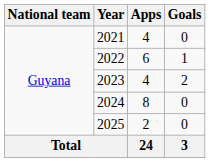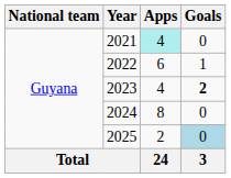 <table class="wikitable" style="text-align:center">
 <tr>
 <th>National team</th>
 <th>Year</th>
 <th>Apps</th>
 <th>Goals</th>
 </tr>
 <tr>
 <td rowspan=5><a href='#'>Guyana</a></td>
 <td>2021</td>
-<td>4</td>
+<td style="background: paleturquoise;">4</td>
 <td>0</td>
 </tr>
 <tr>
 <td>2022</td>
 <td>6</td>
 <td>1</td>
 </tr>
 <tr>
 <td>2023</td>
 <td>4</td>
-<td>2</td>
+<td><strong>2</strong></td>
 </tr>
 <tr>
 <td>2024</td>
 <td>8</td>
 <td>0</td>
 </tr>
 <tr>
 <td>2025</td>
 <td>2</td>
-<td>0</td>
+<td style="background: lightblue;">0</td>
 </tr>
 <tr>
 <th colspan=2>Total</th>
 <th>24</th>
 <th>3</th>
 </tr>
 </table>
